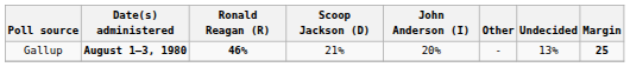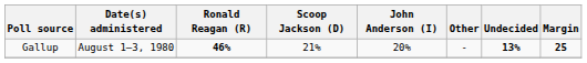 <table class="wikitable sortable" style="text-align:center;font-size:90%;line-height:17px">
 <tr valign= bottom>
 <th>Poll source</th>
 <th>Date(s)<br>administered</th>
 <th class="unsortable" style="width:100px;">Ronald<br>Reagan (R)</th>
 <th class="unsortable" style="width:100px;">Scoop<br>Jackson (D)</th>
 <th class="unsortable" style="width:100px;">John<br>Anderson (I)</th>
 <th class="unsortable">Other</th>
 <th class="unsortable">Undecided</th>
 <th>Margin</th>
 </tr>
 <tr>
 <td align="center">Gallup</td>
-<td align="center"><strong>August 1–3, 1980</strong></td>
+<td align="center">August 1–3, 1980</td>
 <td><strong>46%</strong></td>
 <td align="center">21%</td>
 <td align="center">20%</td>
 <td align="center">-</td>
-<td align="center">13%</td>
+<td align="center"><strong>13%</strong></td>
 <td><strong>25</strong></td>
 </tr>
 <tr>
 </tr>
 </table>
